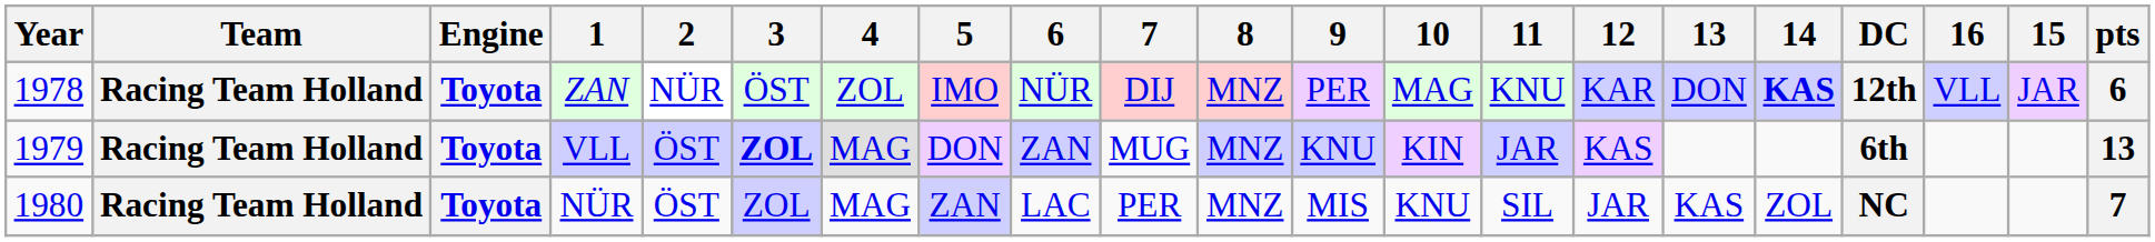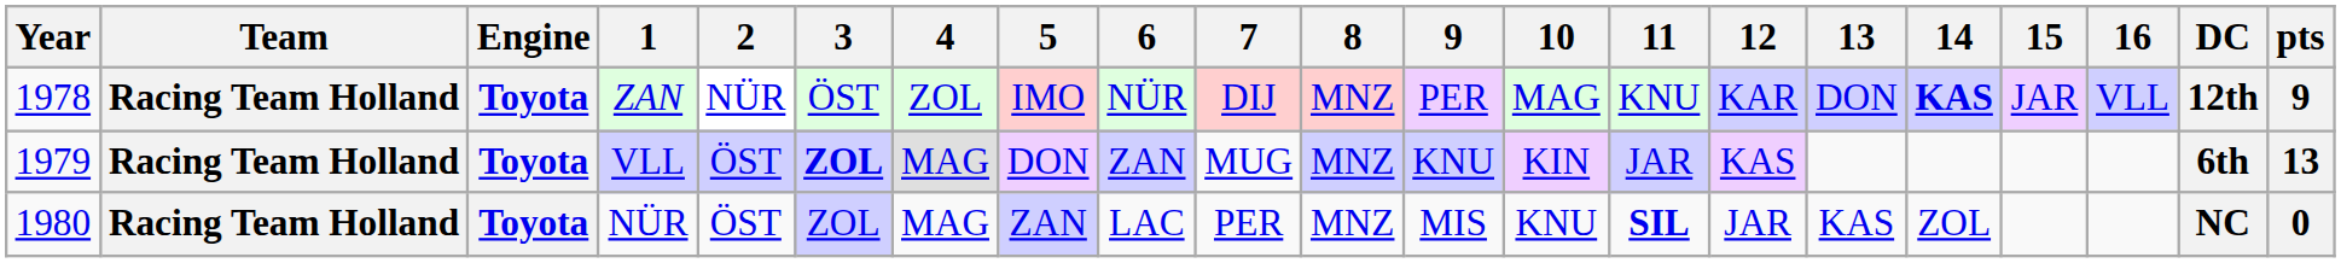 <table class="wikitable" style="text-align:center; font-size:85%">
 <tr>
 <th>Year</th>
 <th>Team</th>
 <th>Engine</th>
 <th>1</th>
 <th>2</th>
 <th>3</th>
 <th>4</th>
 <th>5</th>
 <th>6</th>
 <th>7</th>
 <th>8</th>
 <th>9</th>
 <th>10</th>
 <th>11</th>
 <th>12</th>
 <th>13</th>
 <th>14</th>
+<th>15</th>
+<th>16</th>
 <th>DC</th>
-<th>16</th>
-<th>15</th>
 <th>pts</th>
 </tr>
 <tr>
 <td><a href='#'>1978</a></td>
 <th>Racing Team Holland</th>
 <th><a href='#'>Toyota</a></th>
 <td style="background:#DFFFDF;"><em><a href='#'>ZAN</a></em><br></td>
 <td style="background:#FFFFFF;"><a href='#'>NÜR</a><br></td>
 <td style="background:#DFFFDF;"><a href='#'>ÖST</a><br></td>
 <td style="background:#DFFFDF;"><a href='#'>ZOL</a><br></td>
 <td style="background:#FFCFCF;"><a href='#'>IMO</a><br></td>
 <td style="background:#DFFFDF;"><a href='#'>NÜR</a><br></td>
 <td style="background:#FFCFCF;"><a href='#'>DIJ</a><br></td>
 <td style="background:#FFCFCF;"><a href='#'>MNZ</a><br></td>
 <td style="background:#EFCFFF;"><a href='#'>PER</a><br></td>
 <td style="background:#DFFFDF;"><a href='#'>MAG</a><br></td>
 <td style="background:#DFFFDF;"><a href='#'>KNU</a><br></td>
 <td style="background:#CFCFFF;"><a href='#'>KAR</a><br></td>
 <td style="background:#CFCFFF;"><a href='#'>DON</a><br></td>
 <td style="background:#CFCFFF;"><strong><a href='#'>KAS</a><br></strong></td>
+<td style="background:#EFCFFF;"><a href='#'>JAR</a><br></td>
+<td style="background:#CFCFFF;"><a href='#'>VLL</a><br></td>
 <th>12th</th>
-<td style="background:#CFCFFF;"><a href='#'>VLL</a><br></td>
-<td style="background:#EFCFFF;"><a href='#'>JAR</a><br></td>
-<th>6</th>
+<th>9</th>
 </tr>
 <tr>
 <td><a href='#'>1979</a></td>
 <th>Racing Team Holland</th>
 <th><a href='#'>Toyota</a></th>
 <td style="background:#CFCFFF;"><a href='#'>VLL</a><br></td>
 <td style="background:#CFCFFF;"><a href='#'>ÖST</a><br></td>
 <td style="background:#CFCFFF;"><strong><a href='#'>ZOL</a></strong><br></td>
 <td style="background:#DFDFDF;"><a href='#'>MAG</a><br></td>
 <td style="background:#EFCFFF;"><a href='#'>DON</a><br></td>
 <td style="background:#CFCFFF;"><a href='#'>ZAN</a><br></td>
 <td><a href='#'>MUG</a></td>
 <td style="background:#CFCFFF;"><a href='#'>MNZ</a><br></td>
 <td style="background:#CFCFFF;"><a href='#'>KNU</a><br></td>
 <td style="background:#EFCFFF;"><a href='#'>KIN</a><br></td>
 <td style="background:#CFCFFF;"><a href='#'>JAR</a><br></td>
 <td style="background:#EFCFFF;"><a href='#'>KAS</a><br></td>
 <td></td>
 <td></td>
-<th>6th</th>
 <td></td>
 <td></td>
+<th>6th</th>
 <th>13</th>
 </tr>
 <tr>
 <td><a href='#'>1980</a></td>
 <th>Racing Team Holland</th>
 <th><a href='#'>Toyota</a></th>
 <td><a href='#'>NÜR</a></td>
 <td><a href='#'>ÖST</a></td>
 <td style="background:#CFCFFF;"><a href='#'>ZOL</a><br></td>
 <td><a href='#'>MAG</a></td>
 <td style="background:#CFCFFF;"><a href='#'>ZAN</a><br></td>
 <td><a href='#'>LAC</a></td>
 <td><a href='#'>PER</a></td>
 <td><a href='#'>MNZ</a></td>
 <td><a href='#'>MIS</a></td>
 <td><a href='#'>KNU</a></td>
-<td><a href='#'>SIL</a></td>
+<td><strong><a href='#'>SIL</a></strong></td>
 <td><a href='#'>JAR</a></td>
 <td><a href='#'>KAS</a></td>
 <td><a href='#'>ZOL</a></td>
-<th>NC</th>
 <td></td>
 <td></td>
-<th>7</th>
+<th>NC</th>
+<th>0</th>
 </tr>
 </table>
